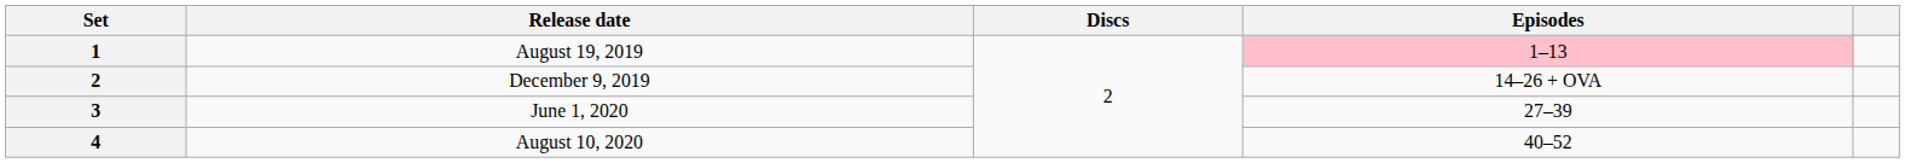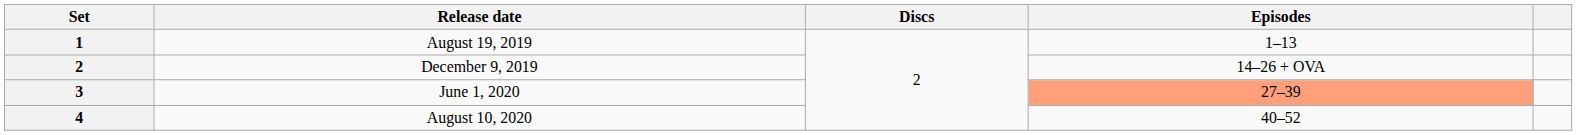 <table class="wikitable" style="text-align: center; width: 100%">
 <tr>
 <th scope="col" 175px;>Set</th>
 <th scope="col" 125px;>Release date</th>
 <th scope="col">Discs</th>
 <th scope="col">Episodes</th>
 <th scope="col"></th>
 </tr>
 <tr>
 <th scope="row">1</th>
 <td>August 19, 2019</td>
 <td rowspan="4">2</td>
-<td style="background: pink;">1–13</td>
+<td>1–13</td>
 <td></td>
 </tr>
 <tr>
 <th scope="row">2</th>
 <td>December 9, 2019</td>
 <td>14–26 + OVA</td>
 <td></td>
 </tr>
 <tr>
 <th scope="row">3</th>
 <td>June 1, 2020</td>
-<td>27–39</td>
+<td style="background: lightsalmon;">27–39</td>
 <td></td>
 </tr>
 <tr>
 <th scope="row">4</th>
 <td>August 10, 2020</td>
 <td>40–52</td>
 <td></td>
 </tr>
 </table>
